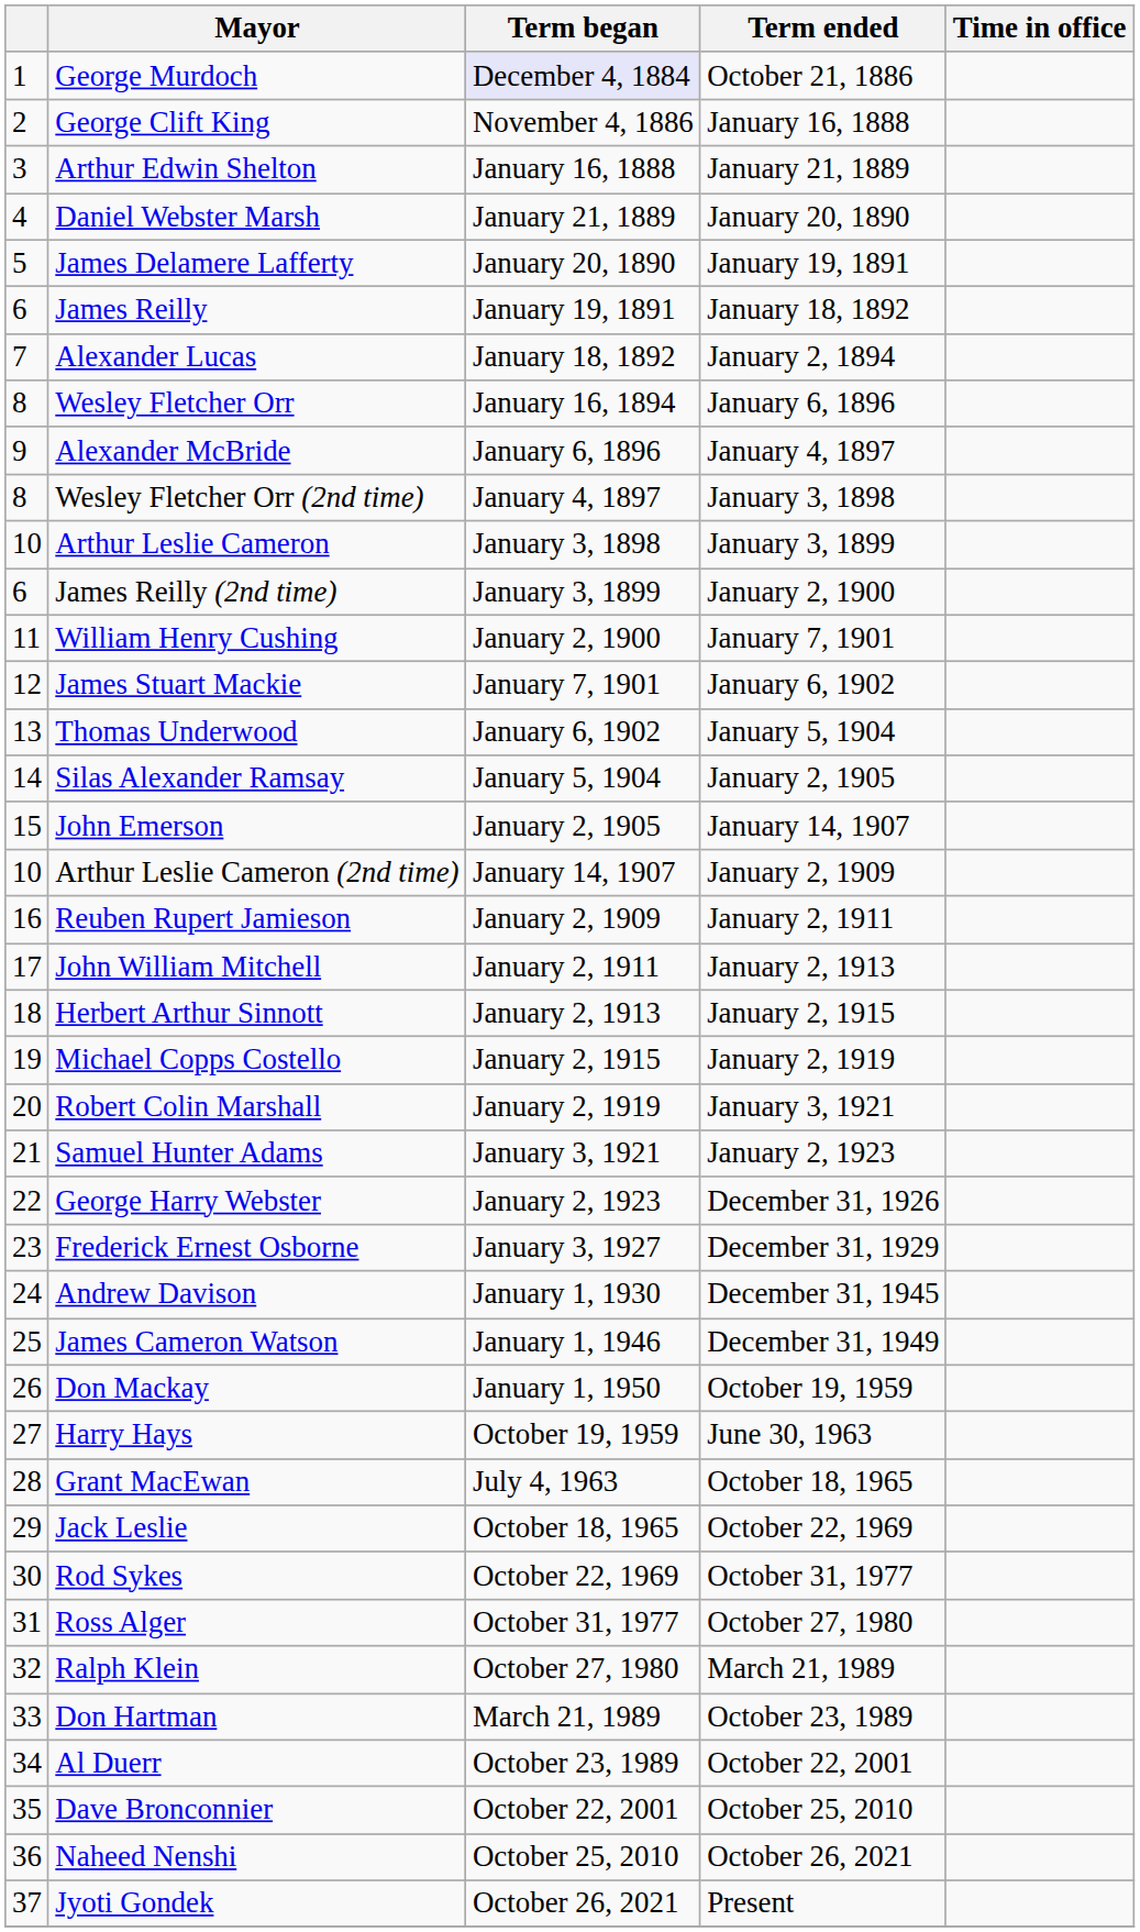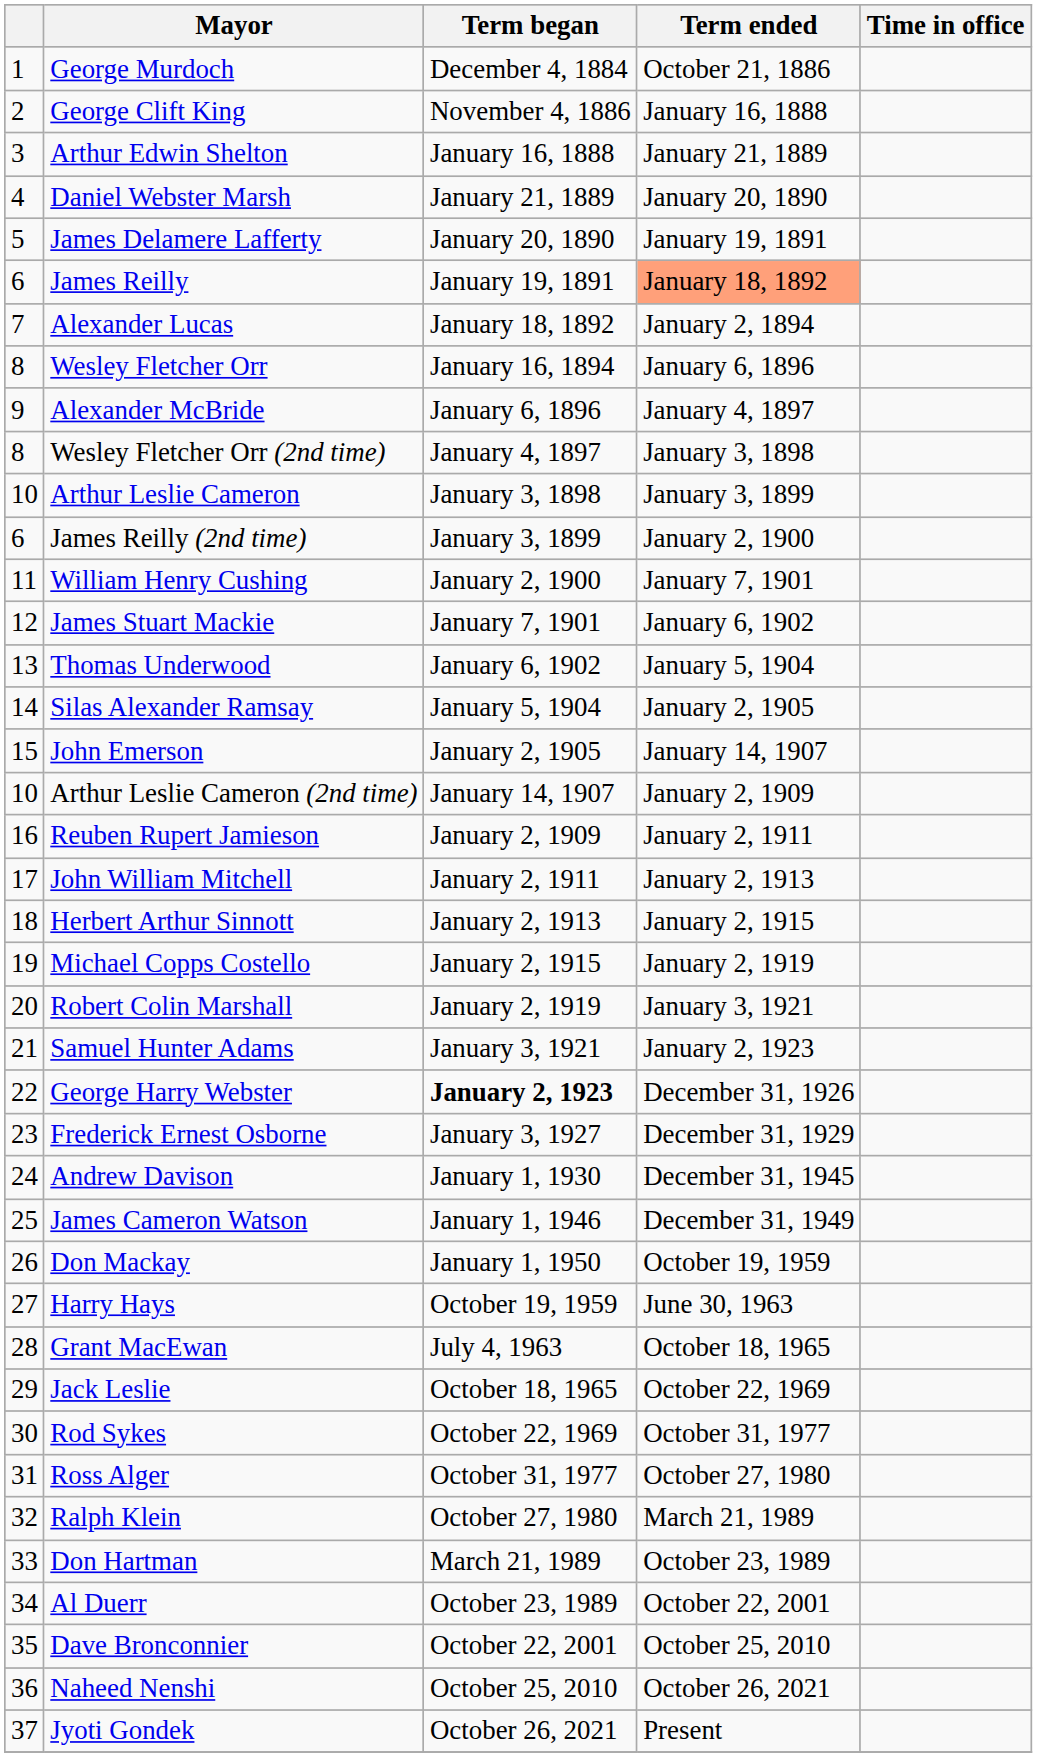 <table class="wikitable sortable">
 <tr>
 <th></th>
 <th>Mayor</th>
 <th>Term began</th>
 <th>Term ended</th>
 <th>Time in office</th>
 </tr>
 <tr>
 <td>1</td>
 <td><a href='#'>George Murdoch</a></td>
-<td style="background: lavender;">December 4, 1884</td>
+<td>December 4, 1884</td>
 <td>October 21, 1886</td>
 <td></td>
 </tr>
 <tr>
 <td>2</td>
 <td><a href='#'>George Clift King</a></td>
 <td>November 4, 1886</td>
 <td>January 16, 1888</td>
 <td></td>
 </tr>
 <tr>
 <td>3</td>
 <td><a href='#'>Arthur Edwin Shelton</a></td>
 <td>January 16, 1888</td>
 <td>January 21, 1889</td>
 <td></td>
 </tr>
 <tr>
 <td>4</td>
 <td><a href='#'>Daniel Webster Marsh</a></td>
 <td>January 21, 1889</td>
 <td>January 20, 1890</td>
 <td></td>
 </tr>
 <tr>
 <td>5</td>
 <td><a href='#'>James Delamere Lafferty</a></td>
 <td>January 20, 1890</td>
 <td>January 19, 1891</td>
 <td></td>
 </tr>
 <tr>
 <td>6</td>
 <td><a href='#'>James Reilly</a></td>
 <td>January 19, 1891</td>
-<td>January 18, 1892</td>
+<td style="background: lightsalmon;">January 18, 1892</td>
 <td></td>
 </tr>
 <tr>
 <td>7</td>
 <td><a href='#'>Alexander Lucas</a></td>
 <td>January 18, 1892</td>
 <td>January 2, 1894</td>
 <td></td>
 </tr>
 <tr>
 <td>8</td>
 <td><a href='#'>Wesley Fletcher Orr</a></td>
 <td>January 16, 1894</td>
 <td>January 6, 1896</td>
 <td></td>
 </tr>
 <tr>
 <td>9</td>
 <td><a href='#'>Alexander McBride</a></td>
 <td>January 6, 1896</td>
 <td>January 4, 1897</td>
 <td></td>
 </tr>
 <tr>
 <td>8</td>
 <td>Wesley Fletcher Orr <em>(2nd time)</em></td>
 <td>January 4, 1897</td>
 <td>January 3, 1898</td>
 <td></td>
 </tr>
 <tr>
 <td>10</td>
 <td><a href='#'>Arthur Leslie Cameron</a></td>
 <td>January 3, 1898</td>
 <td>January 3, 1899</td>
 <td></td>
 </tr>
 <tr>
 <td>6</td>
 <td>James Reilly <em>(2nd time)</em></td>
 <td>January 3, 1899</td>
 <td>January 2, 1900</td>
 <td></td>
 </tr>
 <tr>
 <td>11</td>
 <td><a href='#'>William Henry Cushing</a></td>
 <td>January 2, 1900</td>
 <td>January 7, 1901</td>
 <td></td>
 </tr>
 <tr>
 <td>12</td>
 <td><a href='#'>James Stuart Mackie</a></td>
 <td>January 7, 1901</td>
 <td>January 6, 1902</td>
 <td></td>
 </tr>
 <tr>
 <td>13</td>
 <td><a href='#'>Thomas Underwood</a></td>
 <td>January 6, 1902</td>
 <td>January 5, 1904</td>
 <td></td>
 </tr>
 <tr>
 <td>14</td>
 <td><a href='#'>Silas Alexander Ramsay</a></td>
 <td>January 5, 1904</td>
 <td>January 2, 1905</td>
 <td></td>
 </tr>
 <tr>
 <td>15</td>
 <td><a href='#'>John Emerson</a></td>
 <td>January 2, 1905</td>
 <td>January 14, 1907</td>
 <td></td>
 </tr>
 <tr>
 <td>10</td>
 <td>Arthur Leslie Cameron <em>(2nd time)</em></td>
 <td>January 14, 1907</td>
 <td>January 2, 1909</td>
 <td></td>
 </tr>
 <tr>
 <td>16</td>
 <td><a href='#'>Reuben Rupert Jamieson</a></td>
 <td>January 2, 1909</td>
 <td>January 2, 1911</td>
 <td></td>
 </tr>
 <tr>
 <td>17</td>
 <td><a href='#'>John William Mitchell</a></td>
 <td>January 2, 1911</td>
 <td>January 2, 1913</td>
 <td></td>
 </tr>
 <tr>
 <td>18</td>
 <td><a href='#'>Herbert Arthur Sinnott</a></td>
 <td>January 2, 1913</td>
 <td>January 2, 1915</td>
 <td></td>
 </tr>
 <tr>
 <td>19</td>
 <td><a href='#'>Michael Copps Costello</a></td>
 <td>January 2, 1915</td>
 <td>January 2, 1919</td>
 <td></td>
 </tr>
 <tr>
 <td>20</td>
 <td><a href='#'>Robert Colin Marshall</a></td>
 <td>January 2, 1919</td>
 <td>January 3, 1921</td>
 <td></td>
 </tr>
 <tr>
 <td>21</td>
 <td><a href='#'>Samuel Hunter Adams</a></td>
 <td>January 3, 1921</td>
 <td>January 2, 1923</td>
 <td></td>
 </tr>
 <tr>
 <td>22</td>
 <td><a href='#'>George Harry Webster</a></td>
-<td>January 2, 1923</td>
+<td><strong>January 2, 1923</strong></td>
 <td>December 31, 1926</td>
 <td></td>
 </tr>
 <tr>
 <td>23</td>
 <td><a href='#'>Frederick Ernest Osborne</a></td>
 <td>January 3, 1927</td>
 <td>December 31, 1929</td>
 <td></td>
 </tr>
 <tr>
 <td>24</td>
 <td><a href='#'>Andrew Davison</a></td>
 <td>January 1, 1930</td>
 <td>December 31, 1945</td>
 <td></td>
 </tr>
 <tr>
 <td>25</td>
 <td><a href='#'>James Cameron Watson</a></td>
 <td>January 1, 1946</td>
 <td>December 31, 1949</td>
 <td></td>
 </tr>
 <tr>
 <td>26</td>
 <td><a href='#'>Don Mackay</a></td>
 <td>January 1, 1950</td>
 <td>October 19, 1959</td>
 <td></td>
 </tr>
 <tr>
 <td>27</td>
 <td><a href='#'>Harry Hays</a></td>
 <td>October 19, 1959</td>
 <td>June 30, 1963</td>
 <td></td>
 </tr>
 <tr>
 <td>28</td>
 <td><a href='#'>Grant MacEwan</a></td>
 <td>July 4, 1963</td>
 <td>October 18, 1965</td>
 <td></td>
 </tr>
 <tr>
 <td>29</td>
 <td><a href='#'>Jack Leslie</a></td>
 <td>October 18, 1965</td>
 <td>October 22, 1969</td>
 <td></td>
 </tr>
 <tr>
 <td>30</td>
 <td><a href='#'>Rod Sykes</a></td>
 <td>October 22, 1969</td>
 <td>October 31, 1977</td>
 <td></td>
 </tr>
 <tr>
 <td>31</td>
 <td><a href='#'>Ross Alger</a></td>
 <td>October 31, 1977</td>
 <td>October 27, 1980</td>
 <td></td>
 </tr>
 <tr>
 <td>32</td>
 <td><a href='#'>Ralph Klein</a></td>
 <td>October 27, 1980</td>
 <td>March 21, 1989</td>
 <td></td>
 </tr>
 <tr>
 <td>33</td>
 <td><a href='#'>Don Hartman</a></td>
 <td>March 21, 1989</td>
 <td>October 23, 1989</td>
 <td></td>
 </tr>
 <tr>
 <td>34</td>
 <td><a href='#'>Al Duerr</a></td>
 <td>October 23, 1989</td>
 <td>October 22, 2001</td>
 <td></td>
 </tr>
 <tr>
 <td>35</td>
 <td><a href='#'>Dave Bronconnier</a></td>
 <td>October 22, 2001</td>
 <td>October 25, 2010</td>
 <td></td>
 </tr>
 <tr>
 <td>36</td>
 <td><a href='#'>Naheed Nenshi</a></td>
 <td>October 25, 2010</td>
 <td>October 26, 2021</td>
 <td></td>
 </tr>
 <tr>
 <td>37</td>
 <td><a href='#'>Jyoti Gondek</a></td>
 <td>October 26, 2021</td>
 <td>Present</td>
 <td></td>
 </tr>
 <tr>
 </tr>
 </table>
